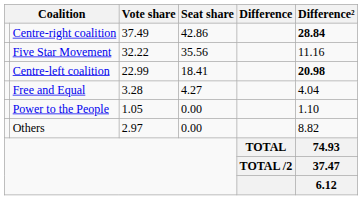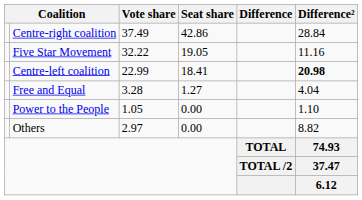 <table class="wikitable">
 <tr>
 <th colspan="2">Coalition</th>
 <th>Vote share</th>
 <th>Seat share</th>
 <th>Difference</th>
 <th>Difference²</th>
 </tr>
 <tr>
 <td></td>
 <td><a href='#'>Centre-right coalition</a></td>
 <td>37.49</td>
 <td>42.86</td>
 <td></td>
-<td><strong>28.84</strong></td>
+<td>28.84</td>
 </tr>
 <tr>
 <td></td>
 <td><a href='#'>Five Star Movement</a></td>
 <td>32.22</td>
-<td>35.56</td>
+<td>19.05</td>
 <td></td>
 <td>11.16</td>
 </tr>
 <tr>
 <td></td>
 <td><a href='#'>Centre-left coalition</a></td>
 <td>22.99</td>
 <td>18.41</td>
 <td></td>
 <td><strong>20.98</strong></td>
 </tr>
 <tr>
 <td></td>
 <td><a href='#'>Free and Equal</a></td>
 <td>3.28</td>
-<td>4.27</td>
+<td>1.27</td>
 <td></td>
 <td>4.04</td>
 </tr>
 <tr>
 <td></td>
 <td><a href='#'>Power to the People</a></td>
 <td>1.05</td>
 <td>0.00</td>
 <td></td>
 <td>1.10</td>
 </tr>
 <tr>
 <td></td>
 <td>Others</td>
 <td>2.97</td>
 <td>0.00</td>
 <td></td>
 <td>8.82</td>
 </tr>
 <tr>
 <td colspan="4" rowspan="3"></td>
 <th>TOTAL</th>
 <th>74.93</th>
 </tr>
 <tr>
 <th>TOTAL /2</th>
 <th>37.47</th>
 </tr>
 <tr>
 <th></th>
 <th>6.12</th>
 </tr>
 </table>
